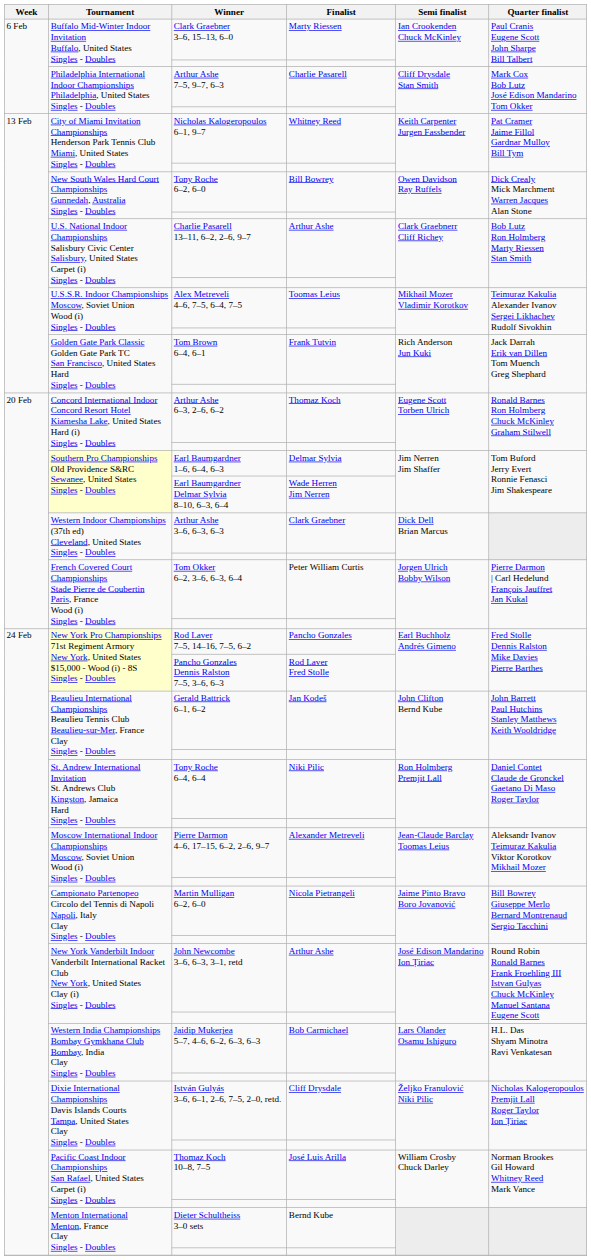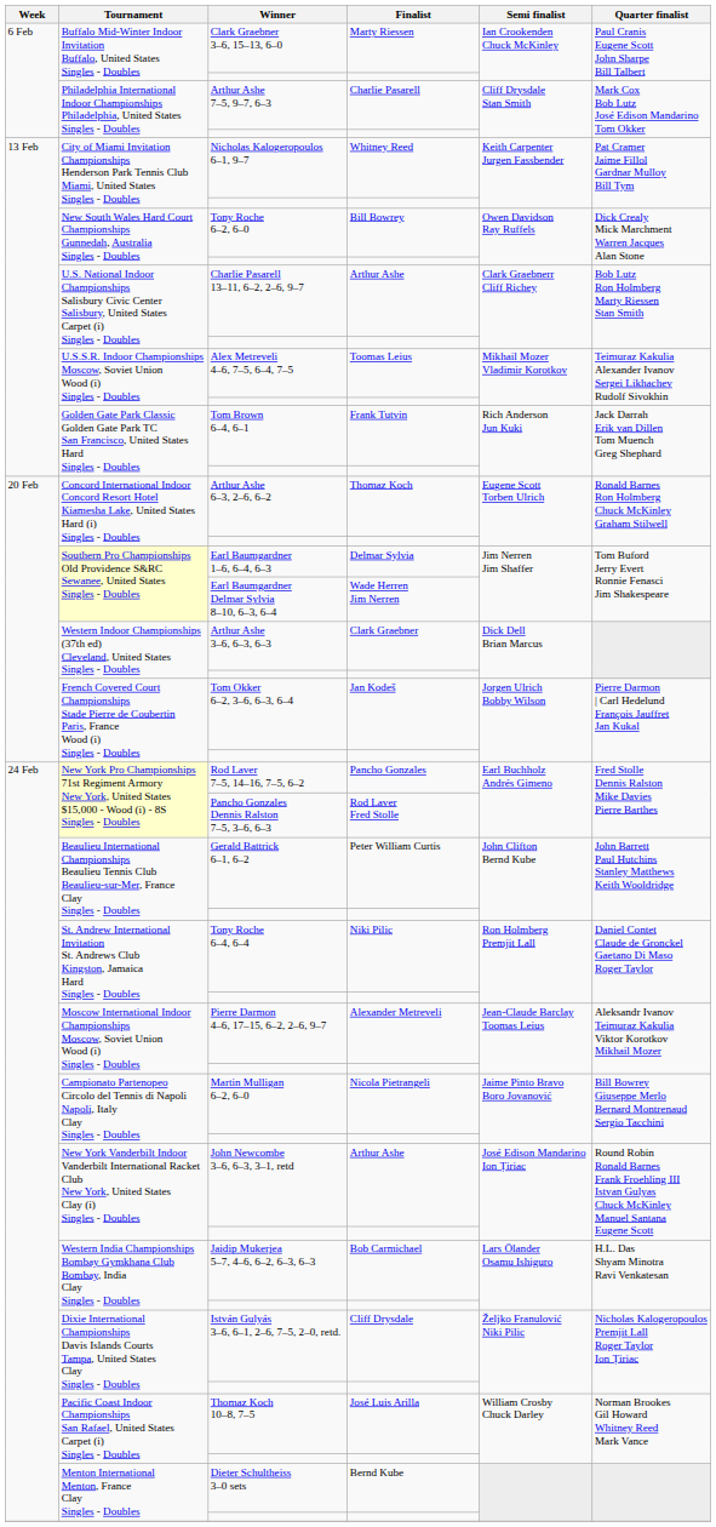 <table class="wikitable" style="font-size:85%;">
 <tr>
 <th width="75">Week</th>
 <th width="230">Tournament</th>
 <th width="210">Winner</th>
 <th width="210">Finalist</th>
 <th width="170">Semi finalist</th>
 <th width="170">Quarter finalist</th>
 </tr>
 <tr valign=top>
 <td rowspan=4>6 Feb</td>
 <td rowspan=2><a href='#'>Buffalo Mid-Winter Indoor Invitation</a><br><a href='#'>Buffalo</a>, United States<br><a href='#'>Singles</a> - <a href='#'>Doubles</a></td>
 <td> <a href='#'>Clark Graebner</a><br>3–6, 15–13, 6–0</td>
 <td> <a href='#'>Marty Riessen</a></td>
 <td rowspan=2> <a href='#'>Ian Crookenden</a><br> <a href='#'>Chuck McKinley</a></td>
 <td rowspan=2> <a href='#'>Paul Cranis</a><br>  <a href='#'>Eugene Scott</a><br>   <a href='#'>John Sharpe</a><br>  <a href='#'>Bill Talbert</a></td>
 </tr>
 <tr valign=top>
 <td></td>
 <td></td>
 </tr>
 <tr valign=top>
 <td rowspan=2><a href='#'>Philadelphia International Indoor Championships</a><br><a href='#'>Philadelphia</a>, United States<br><a href='#'>Singles</a> - <a href='#'>Doubles</a></td>
 <td> <a href='#'>Arthur Ashe</a><br>7–5, 9–7, 6–3</td>
 <td> <a href='#'>Charlie Pasarell</a></td>
 <td rowspan=2> <a href='#'>Cliff Drysdale</a><br> <a href='#'>Stan Smith</a></td>
 <td rowspan=2> <a href='#'>Mark Cox</a><br> <a href='#'>Bob Lutz</a> <br>  <a href='#'>José Edison Mandarino</a><br> <a href='#'>Tom Okker</a></td>
 </tr>
 <tr valign=top>
 <td></td>
 <td></td>
 </tr>
 <tr valign=top>
 <td rowspan=10>13 Feb</td>
 <td rowspan=2><a href='#'>City of Miami Invitation Championships</a><br>Henderson Park Tennis Club<br><a href='#'>Miami</a>, United States<br><a href='#'>Singles</a> - <a href='#'>Doubles</a></td>
 <td> <a href='#'>Nicholas Kalogeropoulos</a><br>6–1, 9–7</td>
 <td> <a href='#'>Whitney Reed</a></td>
 <td rowspan=2> <a href='#'>Keith Carpenter</a> <br> <a href='#'>Jurgen Fassbender</a></td>
 <td rowspan=2> <a href='#'>Pat Cramer</a><br> <a href='#'>Jaime Fillol</a><br> <a href='#'>Gardnar Mulloy</a><br> <a href='#'>Bill Tym</a></td>
 </tr>
 <tr valign=top>
 <td></td>
 <td></td>
 </tr>
 <tr valign=top>
 <td rowspan=2><a href='#'>New South Wales Hard Court Championships</a><br><a href='#'>Gunnedah</a>, <a href='#'>Australia</a><br><a href='#'>Singles</a> - <a href='#'>Doubles</a></td>
 <td> <a href='#'>Tony Roche</a><br>6–2, 6–0</td>
 <td> <a href='#'>Bill Bowrey</a></td>
 <td rowspan=2> <a href='#'>Owen Davidson</a><br>  <a href='#'>Ray Ruffels</a></td>
 <td rowspan=2> <a href='#'>Dick Crealy</a> <br> Mick Marchment  <br> <a href='#'>Warren Jacques</a><br> Alan Stone</td>
 </tr>
 <tr valign=top>
 <td></td>
 <td></td>
 </tr>
 <tr valign=top>
 <td rowspan=2><a href='#'>U.S. National Indoor Championships</a><br>Salisbury Civic Center<br><a href='#'>Salisbury</a>, United States<br>Carpet (i)<br><a href='#'>Singles</a> - <a href='#'>Doubles</a></td>
 <td> <a href='#'>Charlie Pasarell</a><br>13–11, 6–2, 2–6, 9–7</td>
 <td> <a href='#'>Arthur Ashe</a></td>
 <td rowspan=2> <a href='#'>Clark Graebnerr</a><br> <a href='#'>Cliff Richey</a></td>
 <td rowspan=2> <a href='#'>Bob Lutz</a> <br> <a href='#'>Ron Holmberg</a><br>  <a href='#'>Marty Riessen</a><br>  <a href='#'>Stan Smith</a></td>
 </tr>
 <tr valign=top>
 <td></td>
 <td></td>
 </tr>
 <tr valign=top>
 <td rowspan=2><a href='#'>U.S.S.R. Indoor Championships</a><br><a href='#'>Moscow</a>, Soviet Union<br>Wood (i)<br><a href='#'>Singles</a> - <a href='#'>Doubles</a></td>
 <td> <a href='#'>Alex Metreveli</a><br>4–6, 7–5, 6–4, 7–5</td>
 <td> <a href='#'>Toomas Leius</a></td>
 <td rowspan=2> <a href='#'>Mikhail Mozer</a> <br> <a href='#'>Vladimir Korotkov</a></td>
 <td rowspan=2> <a href='#'>Teimuraz Kakulia</a><br> Alexander Ivanov<br> <a href='#'>Sergei Likhachev</a><br> Rudolf Sivokhin</td>
 </tr>
 <tr valign=top>
 <td></td>
 <td></td>
 </tr>
 <tr valign=top>
 <td rowspan=2><a href='#'>Golden Gate Park Classic</a><br>Golden Gate Park TC<br><a href='#'>San Francisco</a>, United States<br>Hard<br><a href='#'>Singles</a> - <a href='#'>Doubles</a></td>
 <td> <a href='#'>Tom Brown</a><br>6–4, 6–1</td>
 <td> <a href='#'>Frank Tutvin</a></td>
 <td rowspan=2> Rich Anderson <br> <a href='#'>Jun Kuki</a></td>
 <td rowspan=2> Jack Darrah<br>  <a href='#'>Erik van Dillen</a><br>  Tom Muench<br>  Greg Shephard</td>
 </tr>
 <tr valign=top>
 <td></td>
 <td></td>
 </tr>
 <tr valign=top>
 <td rowspan=8>20 Feb</td>
 <td rowspan=2><a href='#'>Concord International Indoor</a><br><a href='#'>Concord Resort Hotel</a><br><a href='#'>Kiamesha Lake</a>, United States<br>Hard (i)<br><a href='#'>Singles</a> - <a href='#'>Doubles</a></td>
 <td> <a href='#'>Arthur Ashe</a><br>6–3, 2–6, 6–2</td>
 <td> <a href='#'>Thomaz Koch</a></td>
 <td rowspan=2>  <a href='#'>Eugene Scott</a><br>  <a href='#'>Torben Ulrich</a></td>
 <td rowspan=2> <a href='#'>Ronald Barnes</a> <br>  <a href='#'>Ron Holmberg</a> <br> <a href='#'>Chuck McKinley</a> <br> <a href='#'>Graham Stilwell</a></td>
 </tr>
 <tr valign=top>
 <td></td>
 <td></td>
 </tr>
 <tr valign=top>
 <td bgcolor="#ffc" rowspan=2><a href='#'>Southern Pro Championships</a> <br>Old Providence S&RC<br><a href='#'>Sewanee</a>, United States<br><a href='#'>Singles</a> - <a href='#'>Doubles</a></td>
 <td> <a href='#'>Earl Baumgardner</a><br>1–6, 6–4, 6–3</td>
 <td> <a href='#'>Delmar Sylvia</a></td>
 <td rowspan=2> Jim Nerren<br> Jim Shaffer</td>
 <td rowspan=2> Tom Buford <br> Jerry Evert<br>  Ronnie Fenasci<br>  Jim  Shakespeare</td>
 </tr>
 <tr valign=top>
 <td> <a href='#'>Earl Baumgardner</a><br> <a href='#'>Delmar Sylvia</a><br>8–10, 6–3, 6–4</td>
 <td> <a href='#'>Wade Herren</a><br> <a href='#'>Jim Nerren</a></td>
 </tr>
 <tr valign=top>
 <td rowspan=2><a href='#'>Western Indoor Championships</a><br>(37th ed)<br><a href='#'>Cleveland</a>, United States<br><a href='#'>Singles</a> - <a href='#'>Doubles</a></td>
 <td> <a href='#'>Arthur Ashe</a><br>3–6, 6–3, 6–3</td>
 <td> <a href='#'>Clark Graebner</a></td>
 <td rowspan=2> <a href='#'>Dick Dell</a> <br> Brian Marcus</td>
 <td style="background:#ededed;" rowspan=2></td>
 </tr>
 <tr valign=top>
 <td></td>
 <td></td>
 </tr>
 <tr valign=top>
 <td rowspan=2><a href='#'>French Covered Court Championships</a><br><a href='#'>Stade Pierre de Coubertin</a><br><a href='#'>Paris</a>, France<br>Wood (i)<br><a href='#'>Singles</a> - <a href='#'>Doubles</a></td>
 <td> <a href='#'>Tom Okker</a><br>6–2, 3–6, 6–3, 6–4</td>
-<td> Peter William Curtis</td>
+<td> <a href='#'>Jan Kodeš</a></td>
 <td rowspan=2> <a href='#'>Jorgen Ulrich</a><br> <a href='#'>Bobby Wilson</a></td>
 <td rowspan=2> <a href='#'>Pierre Darmon</a> <br> | Carl Hedelund <br> <a href='#'>François Jauffret</a><br> <a href='#'>Jan Kukal</a></td>
 </tr>
 <tr valign=top>
 <td></td>
 <td></td>
 </tr>
 <tr valign=top>
 <td rowspan=20>24 Feb</td>
 <td bgcolor="#ffc" rowspan=2><a href='#'>New York Pro Championships</a> <br>71st Regiment Armory<br><a href='#'>New York</a>, United States<br>$15,000 - Wood (i) - 8S<br><a href='#'>Singles</a> - <a href='#'>Doubles</a></td>
 <td> <a href='#'>Rod Laver</a><br>7–5, 14–16, 7–5, 6–2</td>
 <td> <a href='#'>Pancho Gonzales</a></td>
 <td rowspan=2> <a href='#'>Earl Buchholz</a><br> <a href='#'>Andrés Gimeno</a></td>
 <td rowspan=2> <a href='#'>Fred Stolle</a><br> <a href='#'>Dennis Ralston</a><br> <a href='#'>Mike Davies</a><br> <a href='#'>Pierre Barthes</a></td>
 </tr>
 <tr valign=top>
 <td> <a href='#'>Pancho Gonzales</a><br> <a href='#'>Dennis Ralston</a><br>7–5, 3–6, 6–3</td>
 <td> <a href='#'>Rod Laver</a><br> <a href='#'>Fred Stolle</a></td>
 </tr>
 <tr valign=top>
 <td rowspan=2><a href='#'>Beaulieu International Championships</a><br>Beaulieu Tennis Club<br> <a href='#'>Beaulieu-sur-Mer</a>, France<br>Clay<br><a href='#'>Singles</a> - <a href='#'>Doubles</a></td>
 <td> <a href='#'>Gerald Battrick</a><br>6–1, 6–2</td>
-<td> <a href='#'>Jan Kodeš</a></td>
+<td> Peter William Curtis</td>
 <td rowspan=2> <a href='#'>John Clifton</a> <br>  Bernd Kube</td>
 <td rowspan=2> <a href='#'>John Barrett</a> <br> <a href='#'>Paul Hutchins</a> <br> <a href='#'>Stanley Matthews</a> <br> <a href='#'>Keith Wooldridge</a></td>
 </tr>
 <tr valign=top>
 <td></td>
 <td></td>
 </tr>
 <tr valign=top>
 <td rowspan=2><a href='#'>St. Andrew International Invitation</a><br>St. Andrews Club<br><a href='#'>Kingston</a>, Jamaica<br>Hard<br><a href='#'>Singles</a> - <a href='#'>Doubles</a></td>
 <td> <a href='#'>Tony Roche</a><br>6–4, 6–4</td>
 <td> <a href='#'>Niki Pilic</a></td>
 <td rowspan=2> <a href='#'>Ron Holmberg</a> <br>  <a href='#'>Premjit Lall</a></td>
 <td rowspan=2> <a href='#'>Daniel Contet</a><br>  <a href='#'>Claude de Gronckel</a><br>  <a href='#'>Gaetano Di Maso</a><br>  <a href='#'>Roger Taylor</a></td>
 </tr>
 <tr valign=top>
 <td></td>
 <td></td>
 </tr>
 <tr valign=top>
 <td rowspan=2><a href='#'>Moscow International Indoor Championships</a><br><a href='#'>Moscow</a>, Soviet Union<br>Wood (i)<br><a href='#'>Singles</a> - <a href='#'>Doubles</a></td>
 <td> <a href='#'>Pierre Darmon</a><br>4–6, 17–15, 6–2, 2–6, 9–7</td>
 <td> <a href='#'>Alexander Metreveli</a></td>
 <td rowspan=2> <a href='#'>Jean-Claude Barclay</a> <br> <a href='#'>Toomas Leius</a></td>
 <td rowspan=2> Aleksandr Ivanov <br>  <a href='#'>Teimuraz Kakulia</a><br> Viktor Korotkov<br> <a href='#'>Mikhail Mozer</a></td>
 </tr>
 <tr valign=top>
 <td></td>
 <td></td>
 </tr>
 <tr valign=top>
 <td rowspan=2><a href='#'>Campionato Partenopeo</a><br> Circolo del Tennis di Napoli<br><a href='#'>Napoli</a>, Italy<br>Clay<br> <a href='#'>Singles</a> - <a href='#'>Doubles</a></td>
 <td> <a href='#'>Martin Mulligan</a><br>6–2, 6–0</td>
 <td> <a href='#'>Nicola Pietrangeli</a></td>
 <td rowspan=2> <a href='#'>Jaime Pinto Bravo</a> <br> <a href='#'>Boro Jovanović</a></td>
 <td rowspan=2> <a href='#'>Bill Bowrey</a><br> <a href='#'>Giuseppe Merlo</a><br> <a href='#'>Bernard Montrenaud</a><br> <a href='#'>Sergio Tacchini</a></td>
 </tr>
 <tr valign=top>
 <td></td>
 <td></td>
 </tr>
 <tr valign=top>
 <td rowspan=2><a href='#'>New York Vanderbilt Indoor</a><br>	Vanderbilt International Racket Club<br><a href='#'>New York</a>, United States<br>Clay (i)<br><a href='#'>Singles</a> - <a href='#'>Doubles</a></td>
 <td> <a href='#'>John Newcombe</a><br>3–6, 6–3, 3–1, retd</td>
 <td> <a href='#'>Arthur Ashe</a></td>
 <td rowspan=2> <a href='#'>José Edison Mandarino</a> <br> <a href='#'>Ion Țiriac</a></td>
 <td rowspan=2>Round Robin<br>  <a href='#'>Ronald Barnes</a><br> <a href='#'>Frank Froehling III</a><br> <a href='#'>Istvan Gulyas</a> <br> <a href='#'>Chuck McKinley</a><br> <a href='#'>Manuel Santana</a><br> <a href='#'>Eugene Scott</a></td>
 </tr>
 <tr valign=top>
 <td></td>
 <td></td>
 </tr>
 <tr valign=top>
 <td rowspan=2><a href='#'>Western India Championships</a><br><a href='#'>Bombay Gymkhana Club</a><br><a href='#'>Bombay</a>, India<br>Clay<br><a href='#'>Singles</a> - <a href='#'>Doubles</a></td>
 <td> <a href='#'>Jaidip Mukerjea</a><br>5–7, 4–6, 6–2, 6–3, 6–3</td>
 <td> <a href='#'>Bob Carmichael</a></td>
 <td rowspan=2> <a href='#'>Lars Ölander</a><br>  <a href='#'>Osamu Ishiguro</a></td>
 <td rowspan=2> H.L. Das <br>  Shyam Minotra <br> Ravi Venkatesan<br></td>
 </tr>
 <tr valign=top>
 <td></td>
 <td></td>
 </tr>
 <tr valign=top>
 <td rowspan=2><a href='#'>Dixie International Championships</a><br>Davis Islands Courts<br><a href='#'>Tampa</a>, United States<br>Clay<br><a href='#'>Singles</a> - <a href='#'>Doubles</a></td>
 <td> <a href='#'>István Gulyás</a><br>3–6, 6–1, 2–6, 7–5, 2–0, retd.</td>
 <td> <a href='#'>Cliff Drysdale</a></td>
 <td rowspan=2> <a href='#'>Željko Franulović</a> <br>  <a href='#'>Niki Pilic</a></td>
 <td rowspan=2> <a href='#'>Nicholas Kalogeropoulos</a><br>  <a href='#'>Premjit Lall</a><br> <a href='#'>Roger Taylor</a><br>  <a href='#'>Ion Țiriac</a></td>
 </tr>
 <tr valign=top>
 <td></td>
 <td></td>
 </tr>
 <tr valign=top>
 <td rowspan=2><a href='#'>Pacific Coast Indoor Championships</a><br><a href='#'>San Rafael</a>, United States<br>Carpet (i)<br><a href='#'>Singles</a> - <a href='#'>Doubles</a></td>
 <td> <a href='#'>Thomaz Koch</a><br>10–8, 7–5</td>
 <td> <a href='#'>José Luis Arilla</a></td>
 <td rowspan=2> William Crosby<br>  Chuck Darley</td>
 <td rowspan=2> Norman Brookes<br>  Gil Howard<br>  <a href='#'>Whitney Reed</a><br>  Mark Vance</td>
 </tr>
 <tr valign=top>
 <td></td>
 <td></td>
 </tr>
 <tr valign=top>
 <td rowspan=2><a href='#'>Menton International</a><br><a href='#'>Menton</a>, France<br>Clay<br><a href='#'>Singles</a> - <a href='#'>Doubles</a></td>
 <td> <a href='#'>Dieter Schultheiss</a><br>3–0 sets</td>
 <td> Bernd Kube</td>
 <td style="background:#ededed;" rowspan=2></td>
 <td style="background:#ededed;" rowspan=2></td>
 </tr>
 <tr valign=top>
 <td></td>
 <td></td>
 </tr>
 <tr valign=top>
 </tr>
 </table>
